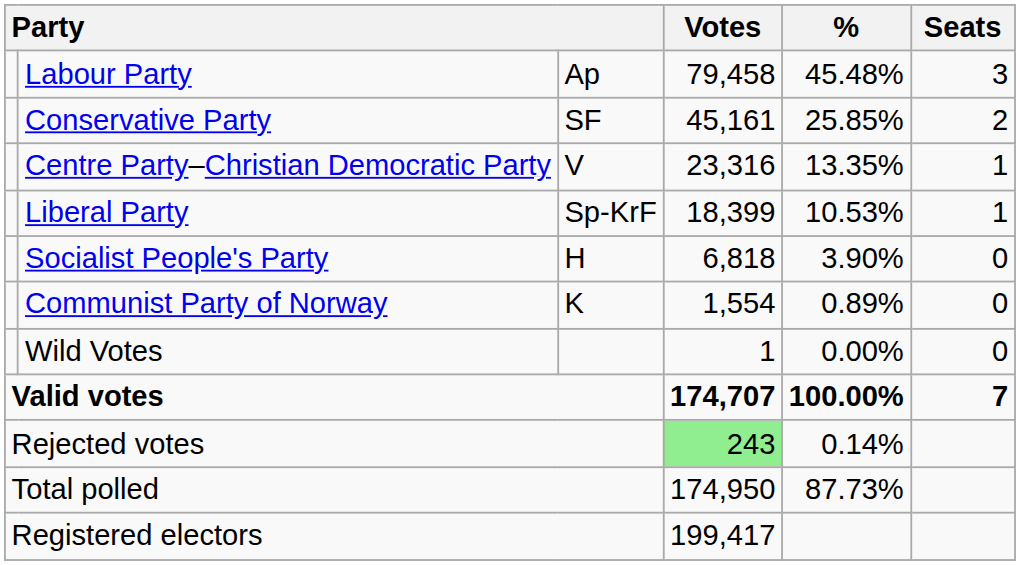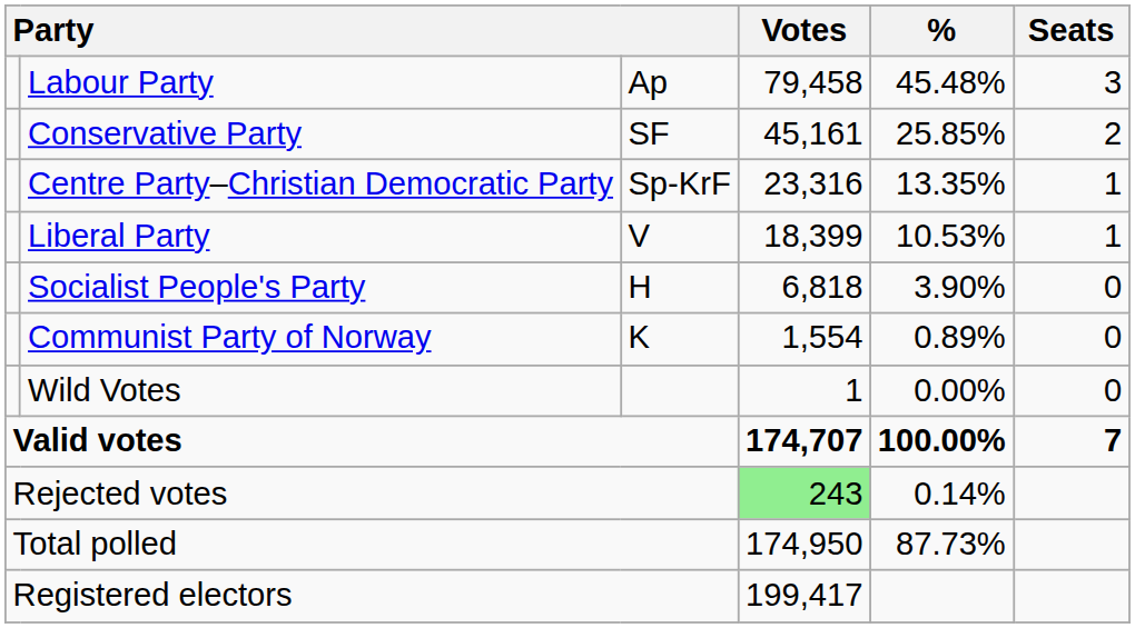 <table class="wikitable" border="1" style="text-align:right;">
 <tr>
 <th style="text-align:left;" colspan=3>Party</th>
 <th align=center width="50">Votes</th>
 <th align=center width="50">%</th>
 <th align=center width="50">Seats</th>
 </tr>
 <tr>
 <td style="color:inherit;background:"></td>
 <td align=left><a href='#'>Labour Party</a></td>
 <td align=left>Ap</td>
 <td>79,458</td>
 <td>45.48%</td>
 <td>3</td>
 </tr>
 <tr>
 <td style="color:inherit;background:"></td>
 <td align=left><a href='#'>Conservative Party</a></td>
 <td align=left>SF</td>
 <td>45,161</td>
 <td>25.85%</td>
 <td>2</td>
 </tr>
 <tr>
 <td></td>
 <td align=left><a href='#'>Centre Party</a>–<a href='#'>Christian Democratic Party</a></td>
-<td align=left>V</td>
+<td align=left>Sp-KrF</td>
 <td>23,316</td>
 <td>13.35%</td>
 <td>1</td>
 </tr>
 <tr>
 <td style="color:inherit;background:"></td>
 <td align=left><a href='#'>Liberal Party</a></td>
-<td align=left>Sp-KrF</td>
+<td align=left>V</td>
 <td>18,399</td>
 <td>10.53%</td>
 <td>1</td>
 </tr>
 <tr>
 <td style="color:inherit;background:"></td>
 <td align=left><a href='#'>Socialist People's Party</a></td>
 <td align=left>H</td>
 <td>6,818</td>
 <td>3.90%</td>
 <td>0</td>
 </tr>
 <tr>
 <td style="color:inherit;background:"></td>
 <td align=left><a href='#'>Communist Party of Norway</a></td>
 <td align=left>K</td>
 <td>1,554</td>
 <td>0.89%</td>
 <td>0</td>
 </tr>
 <tr>
 <td></td>
 <td align=left>Wild Votes</td>
 <td align=left></td>
 <td>1</td>
 <td>0.00%</td>
 <td>0</td>
 </tr>
 <tr style="font-weight:bold">
 <td align=left colspan=3>Valid votes</td>
 <td>174,707</td>
 <td>100.00%</td>
 <td>7</td>
 </tr>
 <tr>
 <td align=left colspan=3>Rejected votes</td>
 <td style="background: lightgreen;">243</td>
 <td>0.14%</td>
 <td></td>
 </tr>
 <tr>
 <td align=left colspan=3>Total polled</td>
 <td>174,950</td>
 <td>87.73%</td>
 <td></td>
 </tr>
 <tr>
 <td align=left colspan=3>Registered electors</td>
 <td>199,417</td>
 <td></td>
 <td></td>
 </tr>
 </table>
